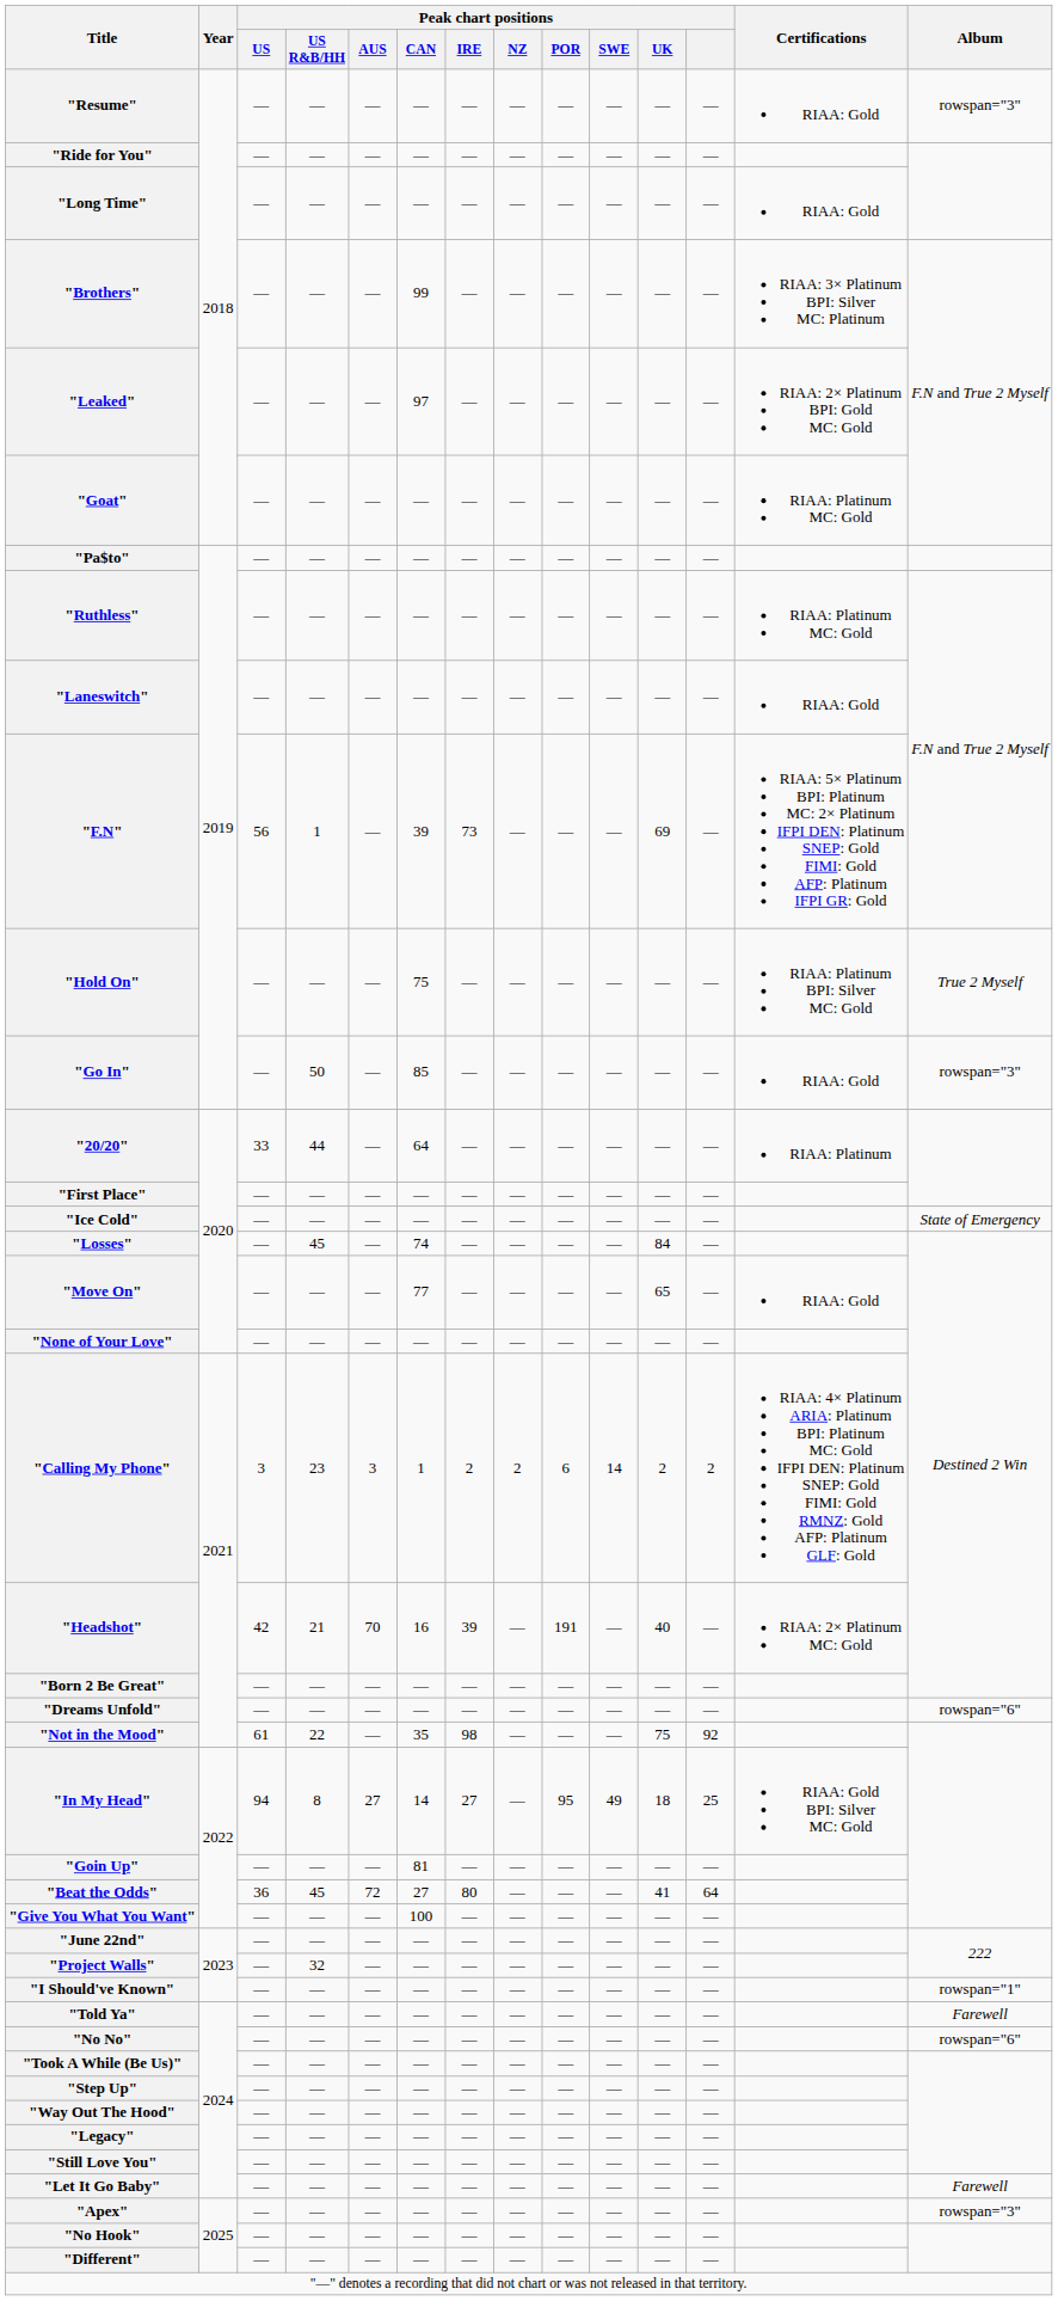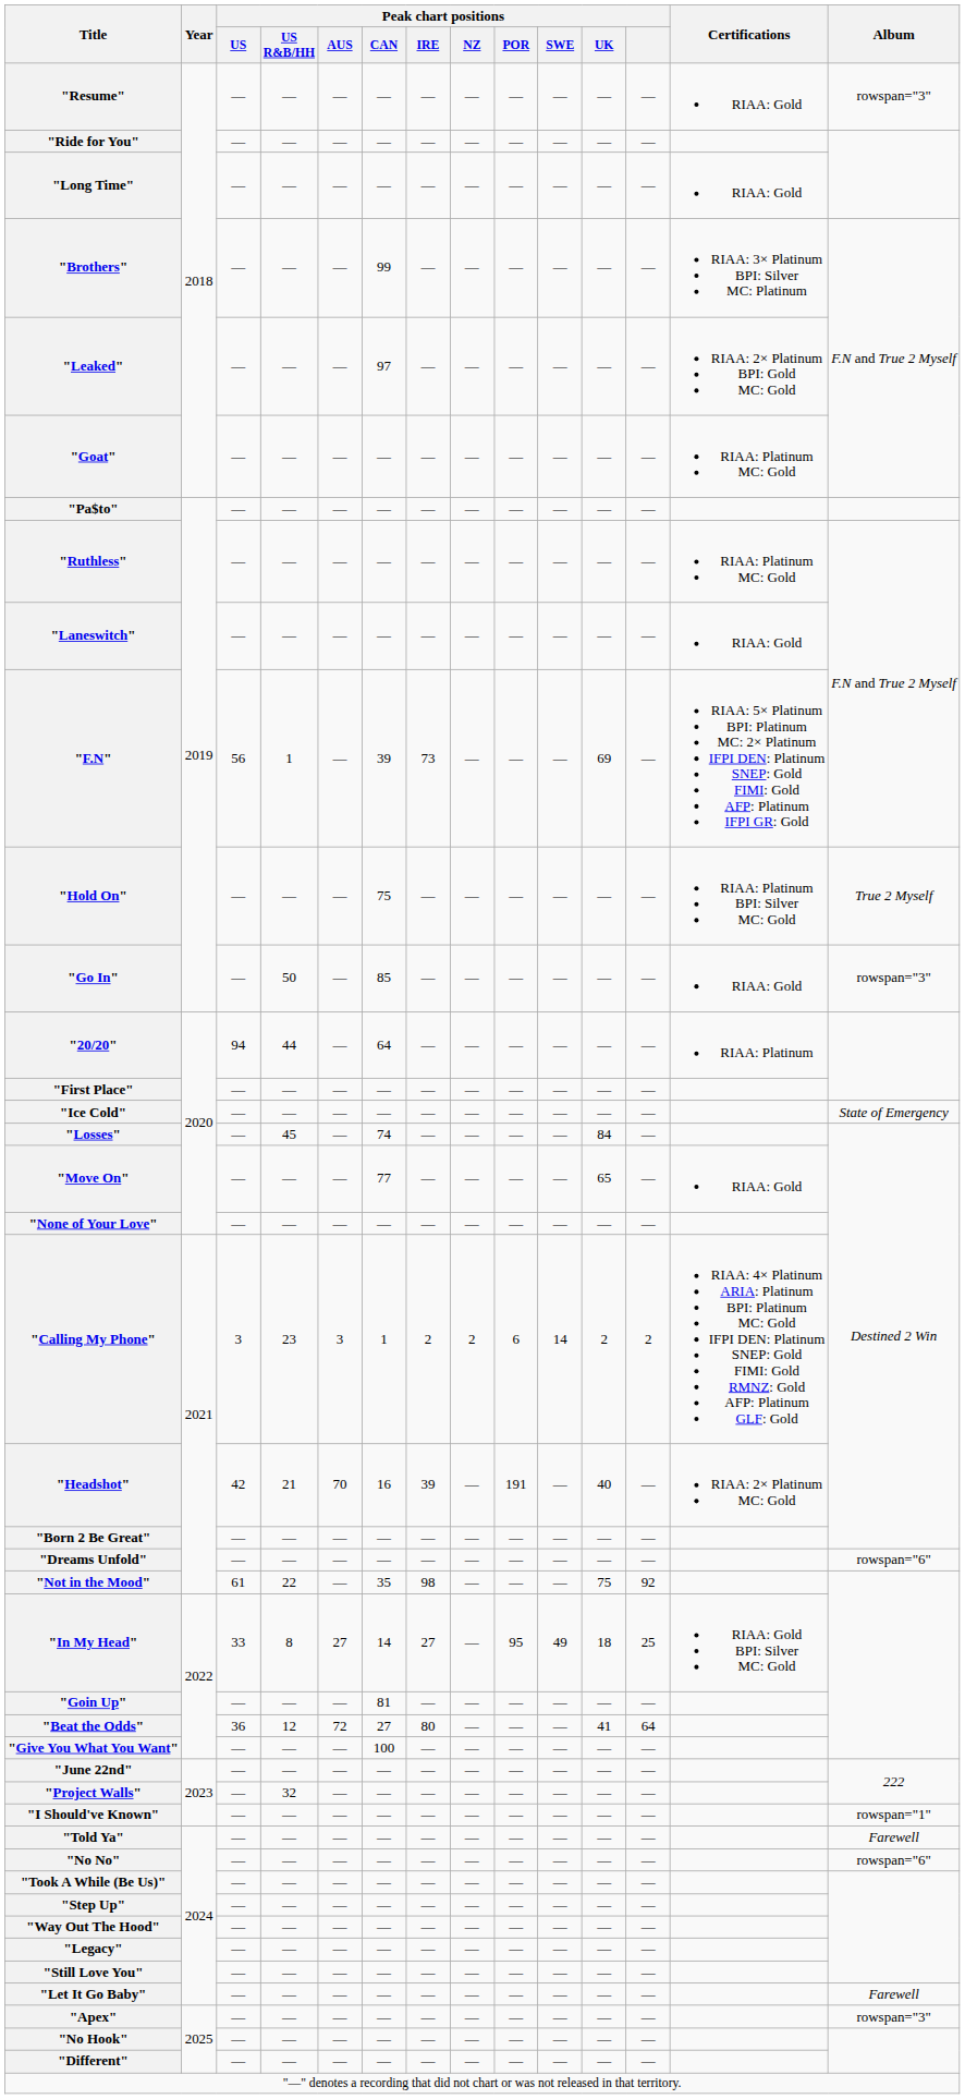 <table class="wikitable plainrowheaders" style="text-align:center">
 <tr>
 <th rowspan="2">Title</th>
 <th rowspan="2">Year</th>
 <th colspan="10">Peak chart positions</th>
 <th rowspan="2">Certifications</th>
 <th rowspan="2">Album</th>
 </tr>
 <tr>
 <th scope="col" style="width:3em;font-size:90%;"><a href='#'>US</a><br></th>
 <th scope="col" style="width:3em;font-size:90%;"><a href='#'>US<br>R&B/HH</a><br></th>
 <th scope="col" style="width:3em;font-size:90%;"><a href='#'>AUS</a><br></th>
 <th scope="col" style="width:3em;font-size:90%;"><a href='#'>CAN</a><br></th>
 <th scope="col" style="width:3em;font-size:90%;"><a href='#'>IRE</a><br></th>
 <th scope="col" style="width:3em;font-size:90%;"><a href='#'>NZ</a><br></th>
 <th scope="col" style="width:3em;font-size:90%;"><a href='#'>POR</a><br></th>
 <th scope="col" style="width:3em;font-size:90%;"><a href='#'>SWE</a><br></th>
 <th scope="col" style="width:3em;font-size:90%;"><a href='#'>UK</a><br></th>
 <th scope="col" style="width:3em;font-size:90%;"><a href='#'></a><br></th>
 </tr>
 <tr>
 <th scope="row">"Resume"</th>
 <td rowspan="6">2018</td>
 <td>—</td>
 <td>—</td>
 <td>—</td>
 <td>—</td>
 <td>—</td>
 <td>—</td>
 <td>—</td>
 <td>—</td>
 <td>—</td>
 <td>—</td>
 <td><br><ul><li>RIAA: Gold</li></ul></td>
 <td>rowspan="3" </td>
 </tr>
 <tr>
 <th scope="row">"Ride for You"</th>
 <td>—</td>
 <td>—</td>
 <td>—</td>
 <td>—</td>
 <td>—</td>
 <td>—</td>
 <td>—</td>
 <td>—</td>
 <td>—</td>
 <td>—</td>
 <td></td>
 </tr>
 <tr>
 <th scope="row">"Long Time"</th>
 <td>—</td>
 <td>—</td>
 <td>—</td>
 <td>—</td>
 <td>—</td>
 <td>—</td>
 <td>—</td>
 <td>—</td>
 <td>—</td>
 <td>—</td>
 <td><br><ul><li>RIAA: Gold</li></ul></td>
 </tr>
 <tr>
 <th scope="row">"<a href='#'>Brothers</a>"</th>
 <td>—</td>
 <td>—</td>
 <td>—</td>
 <td>99</td>
 <td>—</td>
 <td>—</td>
 <td>—</td>
 <td>—</td>
 <td>—</td>
 <td>—</td>
 <td><br><ul><li>RIAA: 3× Platinum</li><li>BPI: Silver</li><li>MC: Platinum</li></ul></td>
 <td rowspan="3"><em>F.N</em> and <em>True 2 Myself</em></td>
 </tr>
 <tr>
 <th scope="row">"<a href='#'>Leaked</a>"</th>
 <td>—</td>
 <td>—</td>
 <td>—</td>
 <td>97</td>
 <td>—</td>
 <td>—</td>
 <td>—</td>
 <td>—</td>
 <td>—</td>
 <td>—</td>
 <td><br><ul><li>RIAA: 2× Platinum</li><li>BPI: Gold</li><li>MC: Gold</li></ul></td>
 </tr>
 <tr>
 <th scope="row">"<a href='#'>Goat</a>"</th>
 <td>—</td>
 <td>—</td>
 <td>—</td>
 <td>—</td>
 <td>—</td>
 <td>—</td>
 <td>—</td>
 <td>—</td>
 <td>—</td>
 <td>—</td>
 <td><br><ul><li>RIAA: Platinum</li><li>MC: Gold</li></ul></td>
 </tr>
 <tr>
 <th scope="row">"Pa$to"</th>
 <td rowspan="6">2019</td>
 <td>—</td>
 <td>—</td>
 <td>—</td>
 <td>—</td>
 <td>—</td>
 <td>—</td>
 <td>—</td>
 <td>—</td>
 <td>—</td>
 <td>—</td>
 <td></td>
 <td></td>
 </tr>
 <tr>
 <th scope="row">"<a href='#'>Ruthless</a>"<br></th>
 <td>—</td>
 <td>—</td>
 <td>—</td>
 <td>—</td>
 <td>—</td>
 <td>—</td>
 <td>—</td>
 <td>—</td>
 <td>—</td>
 <td>—</td>
 <td><br><ul><li>RIAA: Platinum</li><li>MC: Gold</li></ul></td>
 <td rowspan="3"><em>F.N</em> and <em>True 2 Myself</em></td>
 </tr>
 <tr>
 <th scope="row">"<a href='#'>Laneswitch</a>"</th>
 <td>—</td>
 <td>—</td>
 <td>—</td>
 <td>—</td>
 <td>—</td>
 <td>—</td>
 <td>—</td>
 <td>—</td>
 <td>—</td>
 <td>—</td>
 <td><br><ul><li>RIAA: Gold</li></ul></td>
 </tr>
 <tr>
 <th scope="row">"<a href='#'>F.N</a>"<br></th>
 <td>56</td>
 <td>1</td>
 <td>—</td>
 <td>39</td>
 <td>73</td>
 <td>—</td>
 <td>—</td>
 <td>—</td>
 <td>69</td>
 <td>—</td>
 <td><br><ul><li>RIAA: 5× Platinum</li><li>BPI: Platinum</li><li>MC: 2× Platinum</li><li><a href='#'>IFPI DEN</a>: Platinum</li><li><a href='#'>SNEP</a>: Gold</li><li><a href='#'>FIMI</a>: Gold</li><li><a href='#'>AFP</a>: Platinum</li><li><a href='#'>IFPI GR</a>: Gold</li></ul></td>
 </tr>
 <tr>
 <th scope="row">"<a href='#'>Hold On</a>"</th>
 <td>—</td>
 <td>—</td>
 <td>—</td>
 <td>75</td>
 <td>—</td>
 <td>—</td>
 <td>—</td>
 <td —>—</td>
 <td>—</td>
 <td>—</td>
 <td><br><ul><li>RIAA: Platinum</li><li>BPI: Silver</li><li>MC: Gold</li></ul></td>
 <td><em>True 2 Myself</em></td>
 </tr>
 <tr>
 <th scope="row">"<a href='#'>Go In</a>"</th>
 <td>—</td>
 <td>50</td>
 <td>—</td>
 <td>85</td>
 <td>—</td>
 <td>—</td>
 <td>—</td>
 <td>—</td>
 <td>—</td>
 <td>—</td>
 <td><br><ul><li>RIAA: Gold</li></ul></td>
 <td>rowspan="3" </td>
 </tr>
 <tr>
 <th scope="row">"<a href='#'>20/20</a>"</th>
 <td rowspan="6">2020</td>
-<td>33</td>
+<td>94</td>
 <td>44</td>
 <td>—</td>
 <td>64</td>
 <td>—</td>
 <td>—</td>
 <td>—</td>
 <td>—</td>
 <td>—</td>
 <td>—</td>
 <td><br><ul><li>RIAA: Platinum</li></ul></td>
 </tr>
 <tr>
 <th scope="row">"First Place"<br></th>
 <td>—</td>
 <td>—</td>
 <td>—</td>
 <td>—</td>
 <td>—</td>
 <td>—</td>
 <td>—</td>
 <td>—</td>
 <td>—</td>
 <td>—</td>
 <td></td>
 </tr>
 <tr>
 <th scope="row">"Ice Cold"</th>
 <td>—</td>
 <td>—</td>
 <td>—</td>
 <td>—</td>
 <td>—</td>
 <td>—</td>
 <td>—</td>
 <td>—</td>
 <td>—</td>
 <td>—</td>
 <td></td>
 <td><em>State of Emergency</em></td>
 </tr>
 <tr>
 <th scope="row">"<a href='#'>Losses</a>"</th>
 <td>—</td>
 <td>45</td>
 <td>—</td>
 <td>74</td>
 <td>—</td>
 <td>—</td>
 <td>—</td>
 <td>—</td>
 <td>84</td>
 <td>—</td>
 <td></td>
 <td rowspan="6"><em>Destined 2 Win</em></td>
 </tr>
 <tr>
 <th scope="row">"<a href='#'>Move On</a>"</th>
 <td>—</td>
 <td>—</td>
 <td>—</td>
 <td>77</td>
 <td>—</td>
 <td>—</td>
 <td>—</td>
 <td>—</td>
 <td>65</td>
 <td>—</td>
 <td><br><ul><li>RIAA: Gold</li></ul></td>
 </tr>
 <tr>
 <th scope="row">"<a href='#'>None of Your Love</a>"</th>
 <td>—</td>
 <td>—</td>
 <td>—</td>
 <td>—</td>
 <td>—</td>
 <td>—</td>
 <td>—</td>
 <td>—</td>
 <td>—</td>
 <td>—</td>
 <td></td>
 </tr>
 <tr>
 <th scope="row">"<a href='#'>Calling My Phone</a>"<br></th>
 <td rowspan="5">2021</td>
 <td>3</td>
 <td>23</td>
 <td>3</td>
 <td>1</td>
 <td>2</td>
 <td>2</td>
 <td>6</td>
 <td>14</td>
 <td>2</td>
 <td>2</td>
 <td><br><ul><li>RIAA: 4× Platinum</li><li><a href='#'>ARIA</a>: Platinum</li><li>BPI: Platinum</li><li>MC: Gold</li><li>IFPI DEN: Platinum</li><li>SNEP: Gold</li><li>FIMI: Gold</li><li><a href='#'>RMNZ</a>: Gold</li><li>AFP: Platinum</li><li><a href='#'>GLF</a>: Gold</li></ul></td>
 </tr>
 <tr>
 <th scope="row">"<a href='#'>Headshot</a>"<br></th>
 <td>42</td>
 <td>21</td>
 <td>70</td>
 <td>16</td>
 <td>39</td>
 <td>—</td>
 <td>191</td>
 <td>—</td>
 <td>40</td>
 <td>—</td>
 <td><br><ul><li>RIAA: 2× Platinum</li><li>MC: Gold</li></ul></td>
 </tr>
 <tr>
 <th scope="row">"Born 2 Be Great"</th>
 <td>—</td>
 <td>—</td>
 <td>—</td>
 <td>—</td>
 <td>—</td>
 <td>—</td>
 <td>—</td>
 <td>—</td>
 <td>—</td>
 <td>—</td>
 <td></td>
 </tr>
 <tr>
 <th scope="row">"Dreams Unfold"<br></th>
 <td>—</td>
 <td>—</td>
 <td>—</td>
 <td>—</td>
 <td>—</td>
 <td>—</td>
 <td>—</td>
 <td>—</td>
 <td>—</td>
 <td>—</td>
 <td></td>
 <td>rowspan="6" </td>
 </tr>
 <tr>
 <th scope="row">"<a href='#'>Not in the Mood</a>"<br></th>
 <td>61</td>
 <td>22</td>
 <td>—</td>
 <td>35</td>
 <td>98</td>
 <td>—</td>
 <td>—</td>
 <td>—</td>
 <td>75</td>
 <td>92</td>
 <td></td>
 </tr>
 <tr>
 <th scope="row">"<a href='#'>In My Head</a>"</th>
 <td rowspan="4">2022</td>
-<td>94</td>
+<td>33</td>
 <td>8</td>
 <td>27</td>
 <td>14</td>
 <td>27</td>
 <td>—</td>
 <td>95</td>
 <td>49</td>
 <td>18</td>
 <td>25</td>
 <td><br><ul><li>RIAA: Gold</li><li>BPI: Silver</li><li>MC: Gold</li></ul></td>
 </tr>
 <tr>
 <th scope="row">"<a href='#'>Goin Up</a>"</th>
 <td>—</td>
 <td>—</td>
 <td>—</td>
 <td>81</td>
 <td>—</td>
 <td>—</td>
 <td>—</td>
 <td>—</td>
 <td>—</td>
 <td>—</td>
 <td></td>
 </tr>
 <tr>
 <th scope="row">"<a href='#'>Beat the Odds</a>"</th>
 <td>36</td>
-<td>45</td>
+<td>12</td>
 <td>72</td>
 <td>27</td>
 <td>80</td>
 <td>—</td>
 <td>—</td>
 <td>—</td>
 <td>41</td>
 <td>64</td>
 <td></td>
 </tr>
 <tr>
 <th scope="row">"<a href='#'>Give You What You Want</a>"</th>
 <td>—</td>
 <td>—</td>
 <td>—</td>
 <td>100</td>
 <td>—</td>
 <td>—</td>
 <td>—</td>
 <td>—</td>
 <td>—</td>
 <td>—</td>
 <td></td>
 </tr>
 <tr>
 <th scope="row">"June 22nd"</th>
 <td rowspan="3">2023</td>
 <td>—</td>
 <td>—</td>
 <td>—</td>
 <td>—</td>
 <td>—</td>
 <td>—</td>
 <td>—</td>
 <td>—</td>
 <td>—</td>
 <td>—</td>
 <td></td>
 <td rowspan="2"><em>222</em></td>
 </tr>
 <tr>
 <th scope="row">"<a href='#'>Project Walls</a>"<br></th>
 <td>—</td>
 <td>32</td>
 <td>—</td>
 <td>—</td>
 <td>—</td>
 <td>—</td>
 <td>—</td>
 <td>—</td>
 <td>—</td>
 <td>—</td>
 <td></td>
 </tr>
 <tr>
 <th scope="row">"I Should've Known"<br></th>
 <td>—</td>
 <td>—</td>
 <td>—</td>
 <td>—</td>
 <td>—</td>
 <td>—</td>
 <td>—</td>
 <td>—</td>
 <td>—</td>
 <td>—</td>
 <td></td>
 <td>rowspan="1" </td>
 </tr>
 <tr>
 <th scope="row">"Told Ya"</th>
 <td rowspan="8">2024</td>
 <td>—</td>
 <td>—</td>
 <td>—</td>
 <td>—</td>
 <td>—</td>
 <td>—</td>
 <td>—</td>
 <td>—</td>
 <td>—</td>
 <td>—</td>
 <td></td>
 <td><em>Farewell</em></td>
 </tr>
 <tr>
 <th scope="row">"No No"</th>
 <td>—</td>
 <td>—</td>
 <td>—</td>
 <td>—</td>
 <td>—</td>
 <td>—</td>
 <td>—</td>
 <td>—</td>
 <td>—</td>
 <td>—</td>
 <td></td>
 <td>rowspan="6" </td>
 </tr>
 <tr>
 <th scope="row">"Took A While (Be Us)"</th>
 <td>—</td>
 <td>—</td>
 <td>—</td>
 <td>—</td>
 <td>—</td>
 <td>—</td>
 <td>—</td>
 <td>—</td>
 <td>—</td>
 <td>—</td>
 <td></td>
 </tr>
 <tr>
 <th scope="row">"Step Up"<br></th>
 <td>—</td>
 <td>—</td>
 <td>—</td>
 <td>—</td>
 <td>—</td>
 <td>—</td>
 <td>—</td>
 <td>—</td>
 <td>—</td>
 <td>—</td>
 <td></td>
 </tr>
 <tr>
 <th scope="row">"Way Out The Hood"<br></th>
 <td>—</td>
 <td>—</td>
 <td>—</td>
 <td>—</td>
 <td>—</td>
 <td>—</td>
 <td>—</td>
 <td>—</td>
 <td>—</td>
 <td>—</td>
 <td></td>
 </tr>
 <tr>
 <th scope="row">"Legacy"</th>
 <td>—</td>
 <td>—</td>
 <td>—</td>
 <td>—</td>
 <td>—</td>
 <td>—</td>
 <td>—</td>
 <td>—</td>
 <td>—</td>
 <td>—</td>
 <td></td>
 </tr>
 <tr>
 <th scope="row">"Still Love You"</th>
 <td>—</td>
 <td>—</td>
 <td>—</td>
 <td>—</td>
 <td>—</td>
 <td>—</td>
 <td>—</td>
 <td>—</td>
 <td>—</td>
 <td>—</td>
 <td></td>
 </tr>
 <tr>
 <th scope="row">"Let It Go Baby"</th>
 <td>—</td>
 <td>—</td>
 <td>—</td>
 <td>—</td>
 <td>—</td>
 <td>—</td>
 <td>—</td>
 <td>—</td>
 <td>—</td>
 <td>—</td>
 <td></td>
 <td><em>Farewell</em></td>
 </tr>
 <tr>
 <th scope="row">"Apex"</th>
 <td rowspan="3">2025</td>
 <td>—</td>
 <td>—</td>
 <td>—</td>
 <td>—</td>
 <td>—</td>
 <td>—</td>
 <td>—</td>
 <td>—</td>
 <td>—</td>
 <td>—</td>
 <td></td>
 <td>rowspan="3" </td>
 </tr>
 <tr>
 <th scope="row">"No Hook"</th>
 <td>—</td>
 <td>—</td>
 <td>—</td>
 <td>—</td>
 <td>—</td>
 <td>—</td>
 <td>—</td>
 <td>—</td>
 <td>—</td>
 <td>—</td>
 <td></td>
 </tr>
 <tr>
 <th scope="row">"Different"<br></th>
 <td>—</td>
 <td>—</td>
 <td>—</td>
 <td>—</td>
 <td>—</td>
 <td>—</td>
 <td>—</td>
 <td>—</td>
 <td>—</td>
 <td>—</td>
 <td></td>
 </tr>
 <tr>
 <td colspan="14" style="font-size:90%">"—" denotes a recording that did not chart or was not released in that territory.</td>
 </tr>
 </table>
